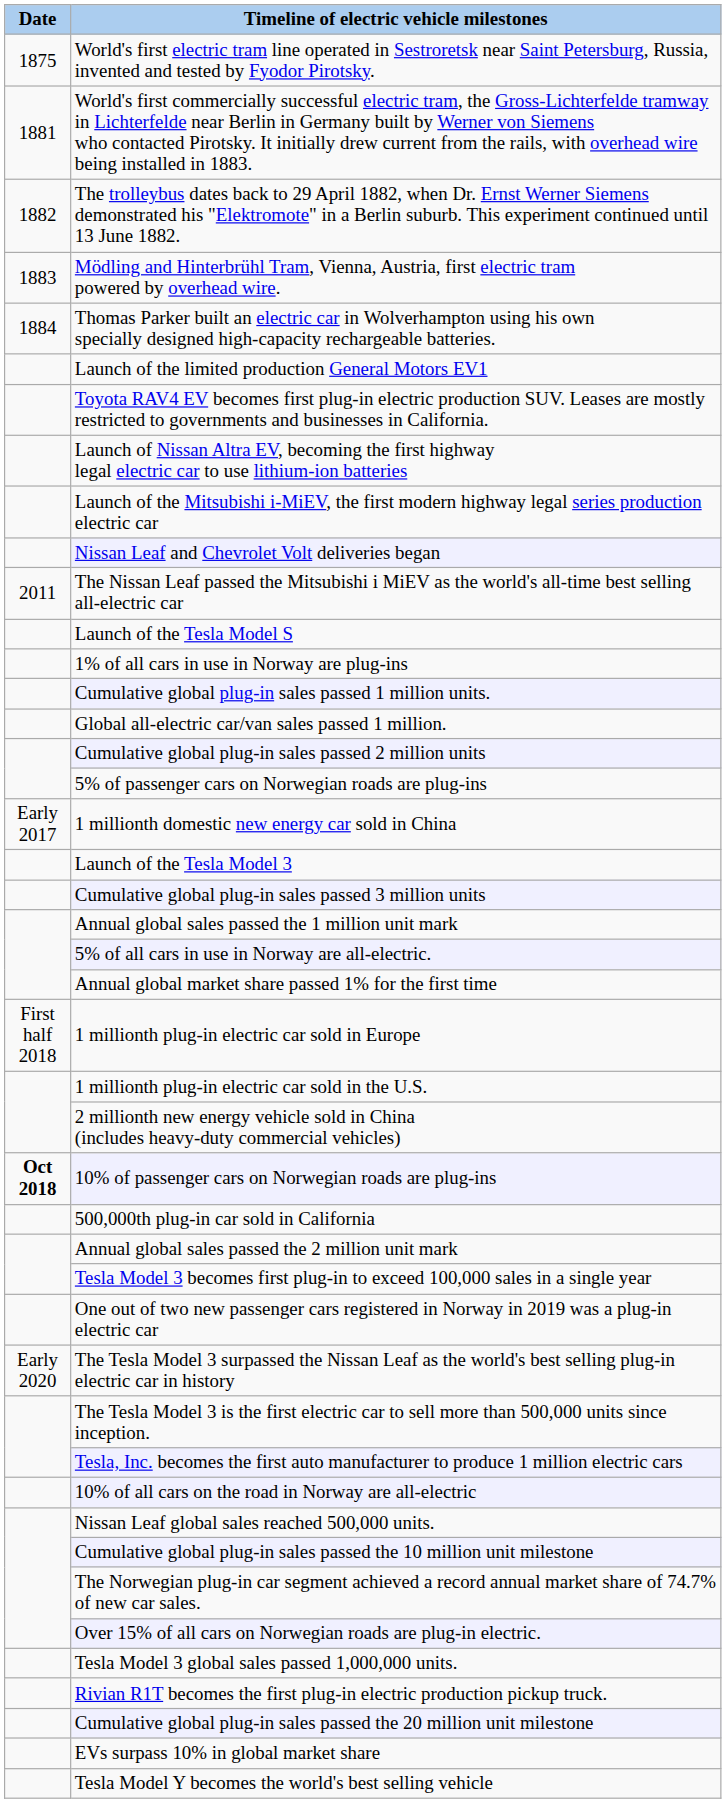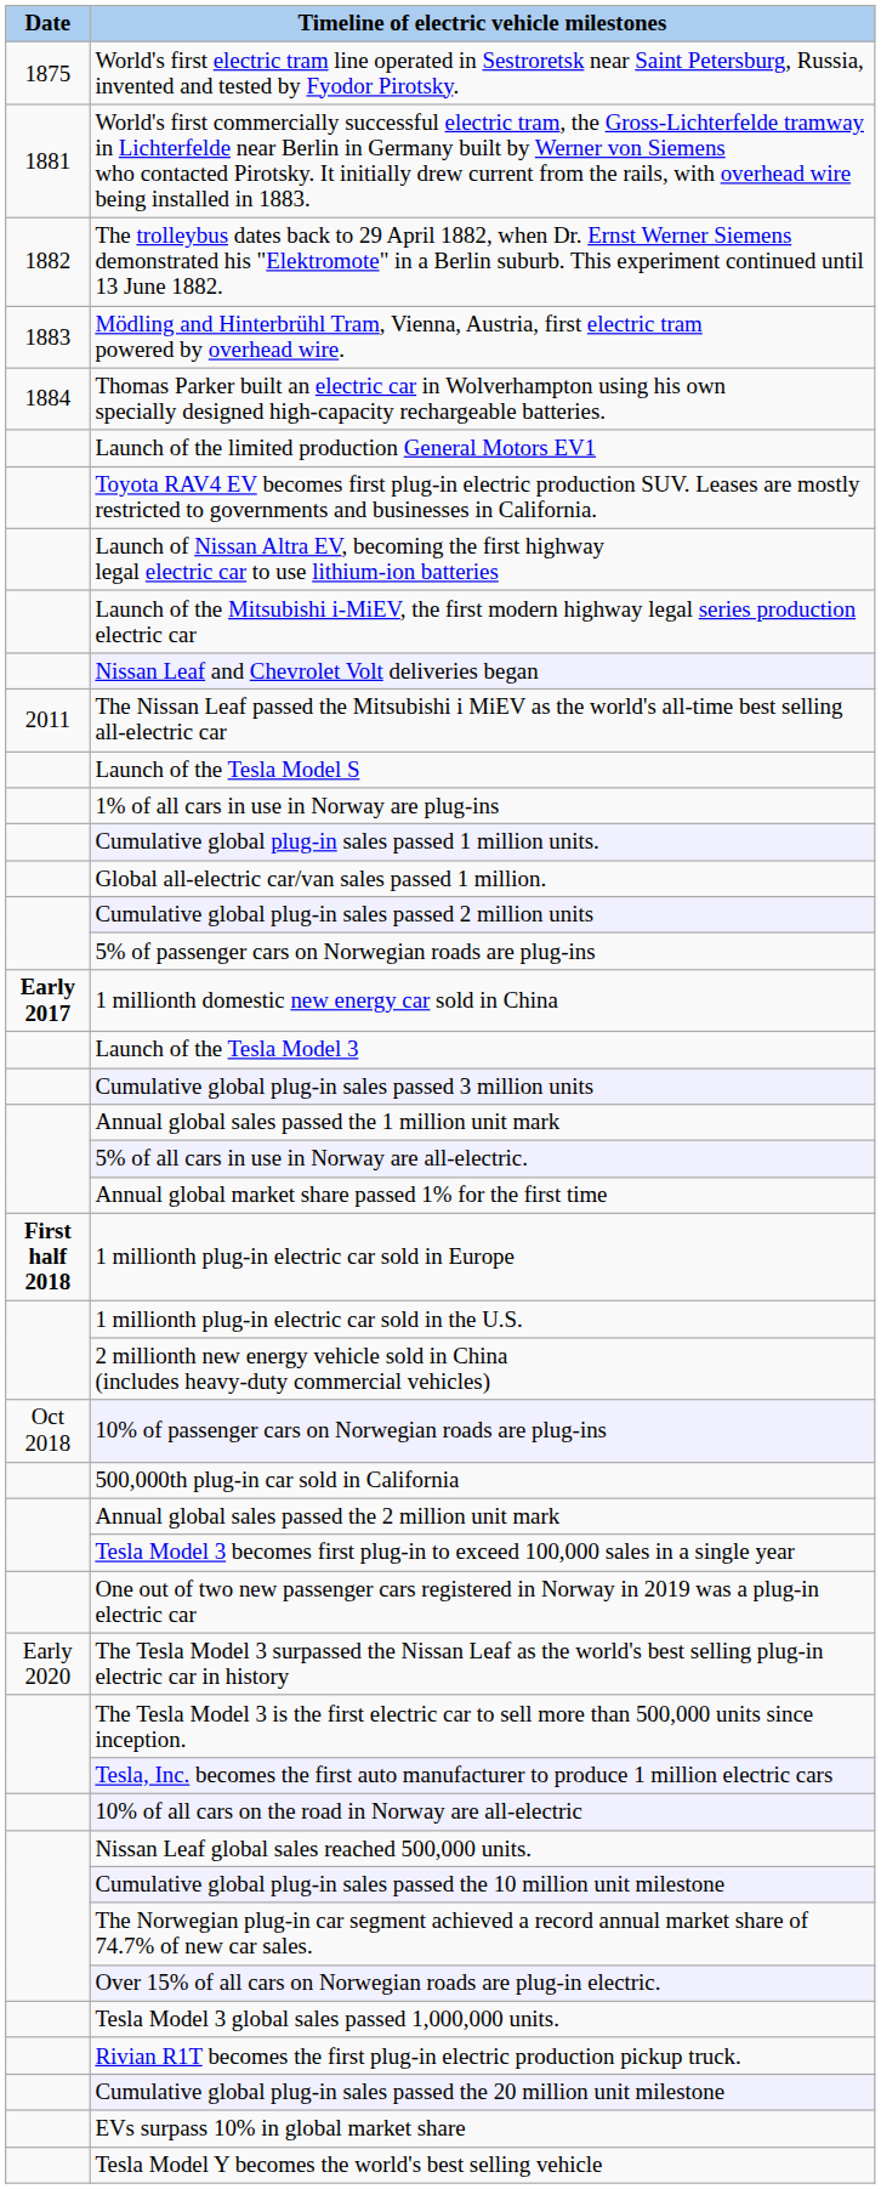 <table class="wikitable sortable" style="align: left; ">
 <tr>
 <th style="background:#ABCDEF;">Date</th>
 <th style="background:#abcdef;">Timeline of electric vehicle milestones</th>
 </tr>
 <tr align=center>
 <td>1875</td>
 <td align=left>World's first <a href='#'>electric tram</a> line operated in <a href='#'>Sestroretsk</a> near <a href='#'>Saint Petersburg</a>, Russia, invented and tested by <a href='#'>Fyodor Pirotsky</a>.</td>
 </tr>
 <tr align=center>
 <td>1881</td>
 <td align=left>World's first commercially successful <a href='#'>electric tram</a>, the <a href='#'>Gross-Lichterfelde tramway</a><br> in <a href='#'>Lichterfelde</a> near Berlin in Germany built by <a href='#'>Werner von Siemens</a> <br>who contacted Pirotsky. It initially drew current from the rails, with <a href='#'>overhead wire</a> being installed in 1883.</td>
 </tr>
 <tr align=center>
 <td>1882</td>
 <td align=left>The <a href='#'>trolleybus</a> dates back to 29 April 1882, when Dr. <a href='#'>Ernst Werner Siemens</a><br> demonstrated his "<a href='#'>Elektromote</a>" in a Berlin suburb. This experiment continued until 13 June 1882.</td>
 </tr>
 <tr align=center>
 <td>1883</td>
 <td align=left><a href='#'>Mödling and Hinterbrühl Tram</a>, Vienna, Austria, first <a href='#'>electric tram</a> <br>powered by <a href='#'>overhead wire</a>.</td>
 </tr>
 <tr align=center>
 <td>1884</td>
 <td align=left>Thomas Parker built an <a href='#'>electric car</a> in Wolverhampton using his own <br>specially designed high-capacity rechargeable batteries.</td>
 </tr>
 <tr align=center>
 <td></td>
 <td align=left>Launch of the limited production <a href='#'>General Motors EV1</a></td>
 </tr>
 <tr align=center>
 <td></td>
 <td align=left><a href='#'>Toyota RAV4 EV</a> becomes first plug-in electric production SUV. Leases are mostly restricted to governments and businesses in California.</td>
 </tr>
 <tr align=center>
 <td></td>
 <td align=left>Launch of <a href='#'>Nissan Altra EV</a>, becoming the first highway<br> legal <a href='#'>electric car</a> to use <a href='#'>lithium-ion batteries</a></td>
 </tr>
 <tr align=center>
 <td></td>
 <td align=left>Launch of the <a href='#'>Mitsubishi i-MiEV</a>, the first modern highway legal <a href='#'>series production</a> electric car</td>
 </tr>
 <tr align=center>
 <td></td>
 <td align=left bgcolor="#f0f0ff"><a href='#'>Nissan Leaf</a> and <a href='#'>Chevrolet Volt</a> deliveries began</td>
 </tr>
 <tr align=center>
 <td>2011</td>
 <td align=left>The Nissan Leaf passed the Mitsubishi i MiEV as the world's all-time best selling all-electric car</td>
 </tr>
 <tr align=center>
 <td></td>
 <td align=left>Launch of the <a href='#'>Tesla Model S</a></td>
 </tr>
 <tr align=center>
 <td></td>
 <td align=left>1% of all cars in use in Norway are plug-ins</td>
 </tr>
 <tr align=center>
 <td></td>
 <td align=left bgcolor="#f0f0ff">Cumulative global <a href='#'>plug-in</a> sales passed 1 million units.</td>
 </tr>
 <tr align=center>
 <td></td>
 <td align=left>Global all-electric car/van sales passed 1 million.</td>
 </tr>
 <tr align=center>
 <td rowspan="2"></td>
 <td align=left bgcolor="#f0f0ff">Cumulative global plug-in sales passed 2 million units</td>
 </tr>
 <tr align=center>
 <td align=left>5% of passenger cars on Norwegian roads are plug-ins</td>
 </tr>
 <tr align=center>
-<td>Early<br> 2017</td>
+<td><strong>Early<br> 2017</strong></td>
 <td align=left>1 millionth domestic <a href='#'>new energy car</a> sold in China</td>
 </tr>
 <tr align=center>
 <td></td>
 <td align=left>Launch of the <a href='#'>Tesla Model 3</a></td>
 </tr>
 <tr align=center>
 <td></td>
 <td align=left bgcolor="#f0f0ff">Cumulative global plug-in sales passed 3 million units</td>
 </tr>
 <tr align=center>
 <td rowspan="3"></td>
 <td align=left>Annual global sales passed the 1 million unit mark</td>
 </tr>
 <tr align=center>
 <td align=left bgcolor="#f0f0ff">5% of all cars in use in Norway are all-electric.</td>
 </tr>
 <tr align=center>
 <td align=left>Annual global market share passed 1% for the first time</td>
 </tr>
 <tr align=center>
-<td>First half<br> 2018</td>
+<td><strong>First half<br> 2018</strong></td>
 <td align=left>1 millionth plug-in electric car sold in Europe</td>
 </tr>
 <tr align=center>
 <td rowspan="2"></td>
 <td align=left>1 millionth plug-in electric car sold in the U.S.</td>
 </tr>
 <tr align=center>
 <td align=left>2 millionth new energy vehicle sold in China<br>(includes heavy-duty commercial vehicles)</td>
 </tr>
 <tr align=center>
-<td><strong>Oct 2018</strong></td>
+<td>Oct 2018</td>
 <td align=left bgcolor="#f0f0ff">10% of passenger cars on Norwegian roads are plug-ins</td>
 </tr>
 <tr align=center>
 <td></td>
 <td align=left>500,000th plug-in car sold in California</td>
 </tr>
 <tr align=center>
 <td rowspan="2"></td>
 <td align=left>Annual global sales passed the 2 million unit mark</td>
 </tr>
 <tr>
 <td align=left><a href='#'>Tesla Model 3</a> becomes first plug-in to exceed 100,000 sales in a single year</td>
 </tr>
 <tr align=center>
 <td></td>
 <td align=left>One out of two new passenger cars registered in Norway in 2019 was a plug-in electric car</td>
 </tr>
 <tr align=center>
 <td>Early<br>2020</td>
 <td align=left>The Tesla Model 3 surpassed the Nissan Leaf as the world's best selling plug-in electric car in history</td>
 </tr>
 <tr align=center>
 <td rowspan="2"></td>
 <td align=left>The Tesla Model 3 is the first electric car to sell more than 500,000 units since inception.</td>
 </tr>
 <tr align=center>
 <td align=left bgcolor="#f0f0ff"><a href='#'>Tesla, Inc.</a> becomes the first auto manufacturer to produce 1 million electric cars</td>
 </tr>
 <tr align=center>
 <td></td>
 <td align=left bgcolor="#f0f0ff">10% of all cars on the road in Norway are all-electric</td>
 </tr>
 <tr align=center>
 <td rowspan="4"></td>
 <td align=left>Nissan Leaf global sales reached 500,000 units.</td>
 </tr>
 <tr align=center>
 <td align=left bgcolor="#f0f0ff">Cumulative global plug-in sales passed the 10 million unit milestone </td>
 </tr>
 <tr align=center>
 <td align=left>The Norwegian plug-in car segment achieved a record annual market share of 74.7% of new car sales.</td>
 </tr>
 <tr align=center>
 <td align=left bgcolor="#f0f0ff">Over 15% of all cars on Norwegian roads are plug-in electric.</td>
 </tr>
 <tr align=center>
 <td></td>
 <td align=left>Tesla Model 3 global sales passed 1,000,000 units.</td>
 </tr>
 <tr align=center>
 <td></td>
 <td align=left><a href='#'>Rivian R1T</a> becomes the first plug-in electric production pickup truck. </td>
 </tr>
 <tr align=center>
 <td></td>
 <td align=left bgcolor="#f0f0ff">Cumulative global plug-in sales passed the 20 million unit milestone</td>
 </tr>
 <tr align=center>
 <td></td>
 <td align=left>EVs surpass 10% in global market share</td>
 </tr>
 <tr align=center>
 <td></td>
 <td align=left>Tesla Model Y becomes the world's best selling vehicle</td>
 </tr>
 </table>
